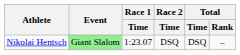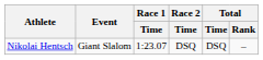 <table class="wikitable" style="font-size:90%">
 <tr>
 <th rowspan="2">Athlete</th>
 <th rowspan="2">Event</th>
 <th>Race 1</th>
 <th>Race 2</th>
 <th colspan="2">Total</th>
 </tr>
 <tr>
 <th>Time</th>
 <th>Time</th>
 <th>Time</th>
 <th>Rank</th>
 </tr>
 <tr>
 <td><a href='#'>Nikolai Hentsch</a></td>
-<td style="background: lightgreen;">Giant Slalom</td>
+<td>Giant Slalom</td>
 <td align="center">1:23.07</td>
 <td align="center">DSQ</td>
 <td align="center">DSQ</td>
 <td align="center">–</td>
 </tr>
 </table>
